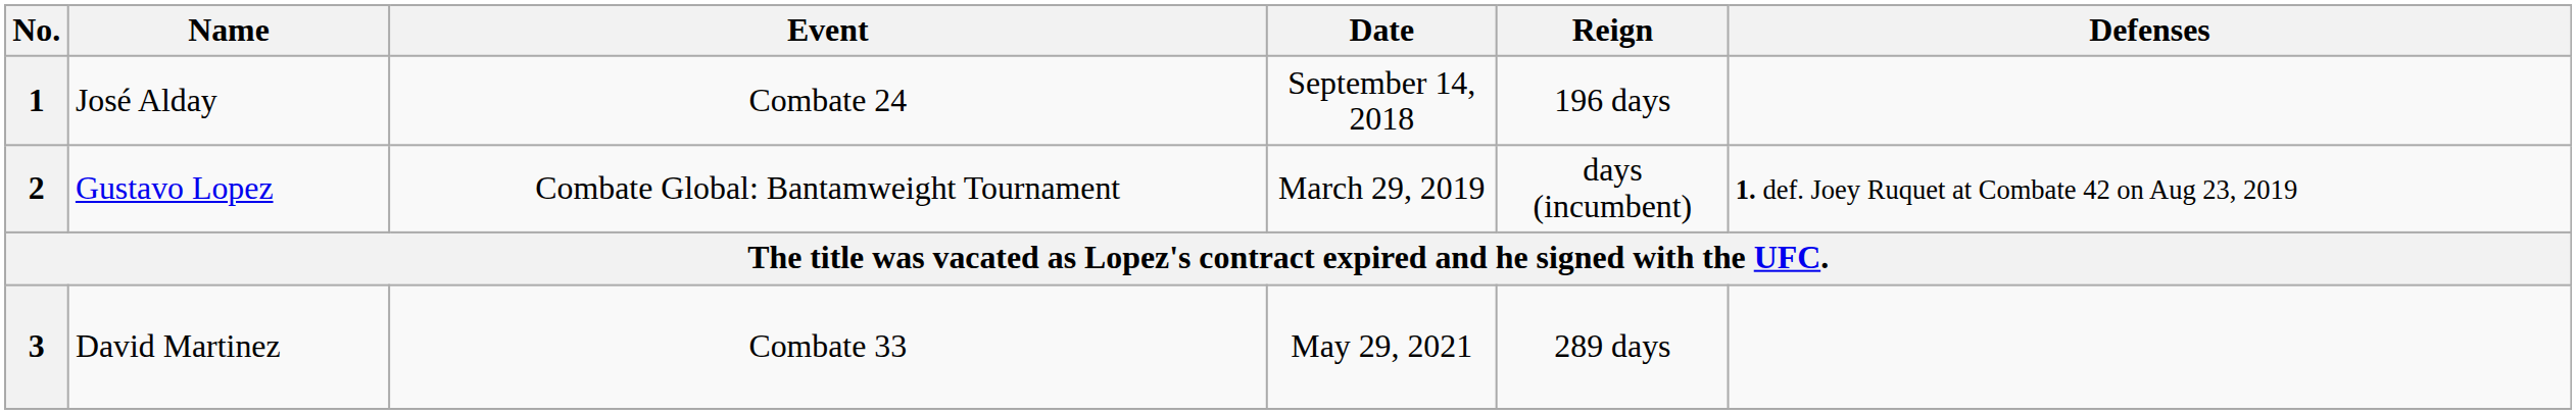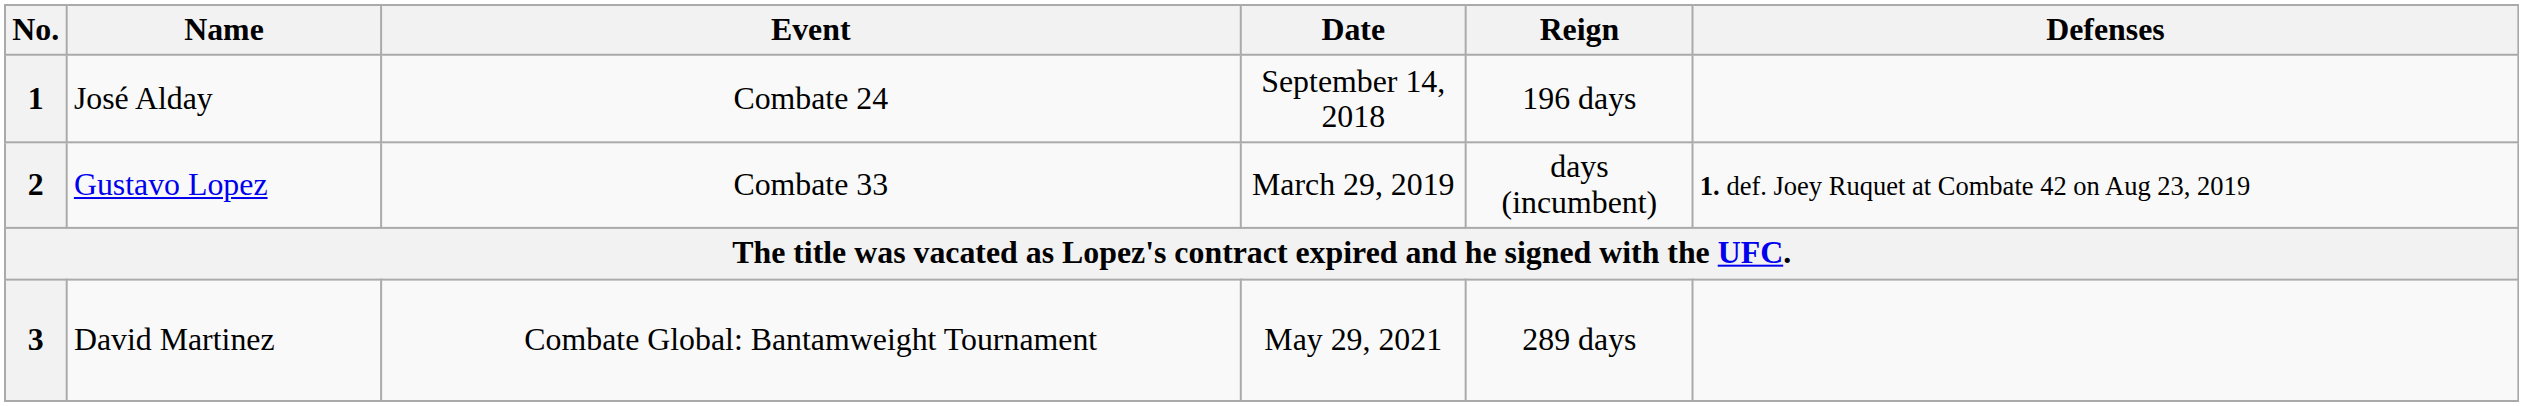 <table class="wikitable" width=100%>
 <tr>
 <th style="width:2%;">No.</th>
 <th>Name</th>
 <th>Event</th>
 <th style="width:9%;">Date</th>
 <th style="width:9%;">Reign</th>
 <th>Defenses</th>
 </tr>
 <tr>
 <th>1</th>
 <td align=left> José Alday <br></td>
 <td align=center>Combate 24 <br></td>
 <td align=center>September 14, 2018</td>
 <td align=center>196 days</td>
 <td align=left></td>
 </tr>
 <tr>
 <th>2</th>
 <td align=left> <a href='#'>Gustavo Lopez</a></td>
-<td align=center>Combate Global: Bantamweight Tournament <br></td>
+<td align=center>Combate 33 <br></td>
 <td align=center>March 29, 2019</td>
 <td align=center> days<br>(incumbent)</td>
 <td><small><strong>1.</strong> def. Joey Ruquet at Combate 42 on Aug 23, 2019</small></td>
 </tr>
 <tr>
 <th align="center" colspan="6">The title was vacated as Lopez's contract expired and he signed with the <a href='#'>UFC</a>.</th>
 </tr>
 <tr>
 <th>3</th>
 <td align=left> David Martinez<br></td>
-<td align=center>Combate 33 <br></td>
+<td align=center>Combate Global: Bantamweight Tournament <br></td>
 <td align=center>May 29, 2021</td>
 <td align=center>289 days</td>
 <td><br><br> <br> </td>
 </tr>
 <tr>
 </tr>
 </table>
